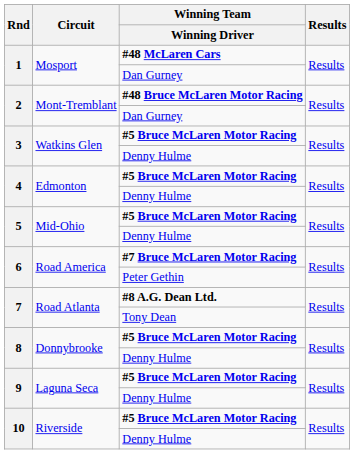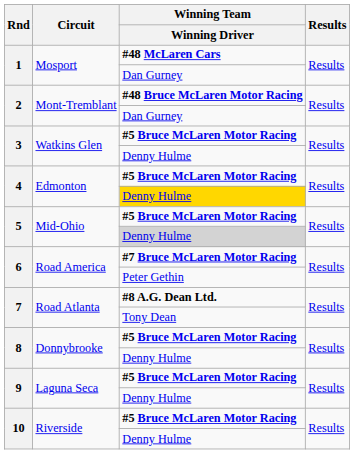 <table class="wikitable" style="font-size: 90%;">
 <tr>
 <th rowspan=2>Rnd</th>
 <th rowspan=2>Circuit</th>
 <th>Winning Team</th>
 <th rowspan=2>Results</th>
 </tr>
 <tr>
 <th>Winning Driver</th>
 </tr>
 <tr>
 <th rowspan=2>1</th>
 <td rowspan=2><a href='#'>Mosport</a></td>
 <td><strong> #48 <a href='#'>McLaren Cars</a></strong></td>
 <td rowspan=2><a href='#'>Results</a></td>
 </tr>
 <tr>
 <td> <a href='#'>Dan Gurney</a></td>
 </tr>
 <tr>
 <th rowspan=2>2</th>
 <td rowspan=2><a href='#'>Mont-Tremblant</a></td>
 <td><strong> #48 <a href='#'>Bruce McLaren Motor Racing</a></strong></td>
 <td rowspan=2><a href='#'>Results</a></td>
 </tr>
 <tr>
 <td> <a href='#'>Dan Gurney</a></td>
 </tr>
 <tr>
 <th rowspan=2>3</th>
 <td rowspan=2><a href='#'>Watkins Glen</a></td>
 <td><strong> #5 <a href='#'>Bruce McLaren Motor Racing</a></strong></td>
 <td rowspan=2><a href='#'>Results</a></td>
 </tr>
 <tr>
 <td> <a href='#'>Denny Hulme</a></td>
 </tr>
 <tr>
 <th rowspan=2>4</th>
 <td rowspan=2><a href='#'>Edmonton</a></td>
 <td><strong> #5 <a href='#'>Bruce McLaren Motor Racing</a></strong></td>
 <td rowspan=2><a href='#'>Results</a></td>
 </tr>
 <tr>
-<td> <a href='#'>Denny Hulme</a></td>
+<td style="background: gold;"> <a href='#'>Denny Hulme</a></td>
 </tr>
 <tr>
 <th rowspan=2>5</th>
 <td rowspan=2><a href='#'>Mid-Ohio</a></td>
 <td><strong> #5 <a href='#'>Bruce McLaren Motor Racing</a></strong></td>
 <td rowspan=2><a href='#'>Results</a></td>
 </tr>
 <tr>
-<td> <a href='#'>Denny Hulme</a></td>
+<td style="background: lightgrey;"> <a href='#'>Denny Hulme</a></td>
 </tr>
 <tr>
 <th rowspan=2>6</th>
 <td rowspan=2><a href='#'>Road America</a></td>
 <td><strong> #7 <a href='#'>Bruce McLaren Motor Racing</a></strong></td>
 <td rowspan=2><a href='#'>Results</a></td>
 </tr>
 <tr>
 <td> <a href='#'>Peter Gethin</a></td>
 </tr>
 <tr>
 <th rowspan=2>7</th>
 <td rowspan=2><a href='#'>Road Atlanta</a></td>
 <td><strong> #8 A.G. Dean Ltd.</strong></td>
 <td rowspan=2><a href='#'>Results</a></td>
 </tr>
 <tr>
 <td> <a href='#'>Tony Dean</a></td>
 </tr>
 <tr>
 <th rowspan=2>8</th>
 <td rowspan=2><a href='#'>Donnybrooke</a></td>
 <td><strong> #5 <a href='#'>Bruce McLaren Motor Racing</a></strong></td>
 <td rowspan=2><a href='#'>Results</a></td>
 </tr>
 <tr>
 <td> <a href='#'>Denny Hulme</a></td>
 </tr>
 <tr>
 <th rowspan=2>9</th>
 <td rowspan=2><a href='#'>Laguna Seca</a></td>
 <td><strong> #5 <a href='#'>Bruce McLaren Motor Racing</a></strong></td>
 <td rowspan=2><a href='#'>Results</a></td>
 </tr>
 <tr>
 <td> <a href='#'>Denny Hulme</a></td>
 </tr>
 <tr>
 <th rowspan=2>10</th>
 <td rowspan=2><a href='#'>Riverside</a></td>
 <td><strong> #5 <a href='#'>Bruce McLaren Motor Racing</a></strong></td>
 <td rowspan=2><a href='#'>Results</a></td>
 </tr>
 <tr>
 <td> <a href='#'>Denny Hulme</a></td>
 </tr>
 </table>
